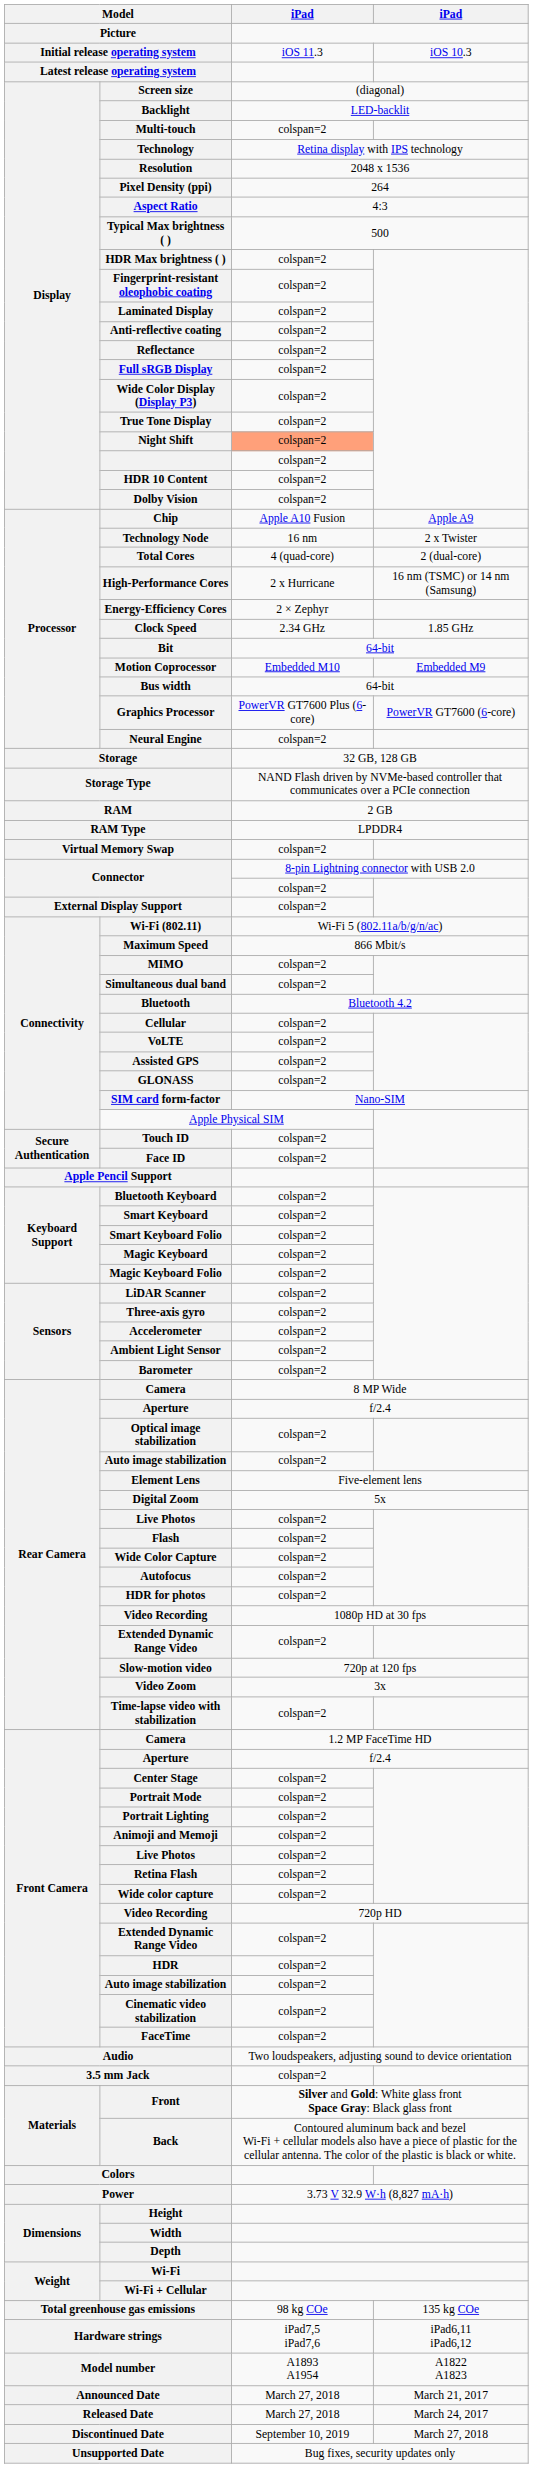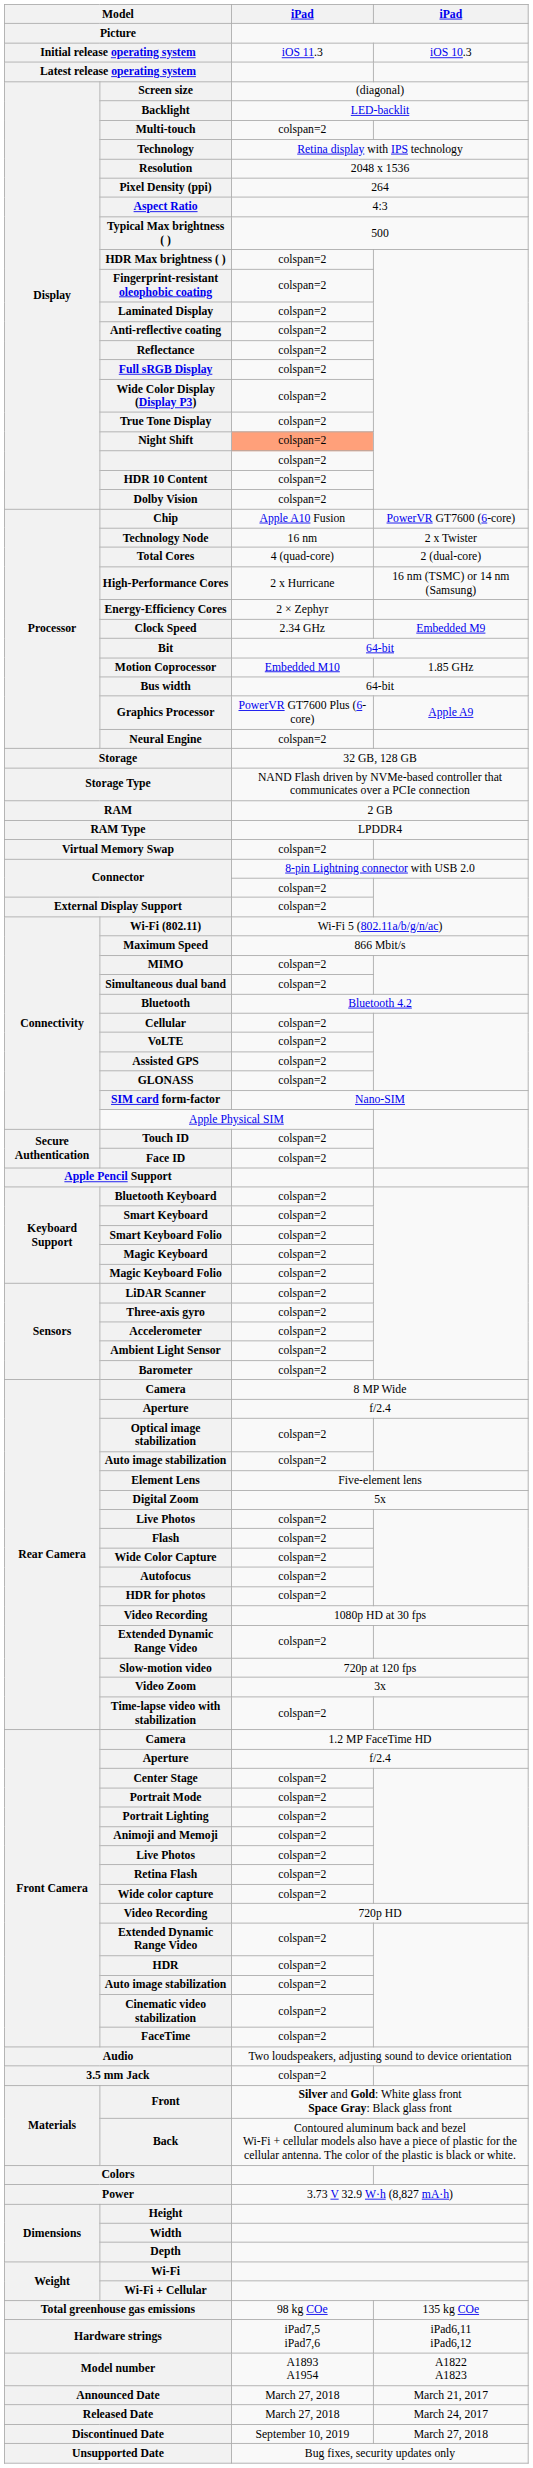 <table class="wikitable collapsible" style="text-align:center; font-size: 85%">
 <tr>
 <th scope="colgroup" colspan=2>Model</th>
 <th scope="col"><a href='#'>iPad<br></a></th>
 <th scope="col"><a href='#'>iPad<br></a></th>
 </tr>
 <tr>
 <th scope="row" colspan=2 >Picture</th>
 <td colspan=2></td>
 </tr>
 <tr>
 <th scope="row" colspan=2 >Initial release <a href='#'>operating system</a></th>
 <td><a href='#'>iOS 11</a>.3</td>
 <td><a href='#'>iOS 10</a>.3</td>
 </tr>
 <tr>
 <th scope="row" colspan=2 >Latest release <a href='#'>operating system</a></th>
 <td colspan=1></td>
 <td colspan=1></td>
 </tr>
 <tr>
 <th scope="rowgroup" rowspan=20 >Display</th>
 <th scope="row" >Screen size</th>
 <td colspan=2> (diagonal)</td>
 </tr>
 <tr>
 <th scope="row" >Backlight</th>
 <td colspan=2><a href='#'>LED-backlit</a></td>
 </tr>
 <tr>
 <th scope="row" >Multi-touch</th>
 <td>colspan=2 </td>
 </tr>
 <tr>
 <th scope="row" >Technology</th>
 <td colspan=2><a href='#'>Retina display</a> with <a href='#'>IPS</a> technology</td>
 </tr>
 <tr>
 <th scope="row" >Resolution</th>
 <td colspan=2>2048 x 1536</td>
 </tr>
 <tr>
 <th scope="row" >Pixel Density (ppi)</th>
 <td colspan=2>264</td>
 </tr>
 <tr>
 <th scope="row" ><a href='#'>Aspect Ratio</a></th>
 <td colspan=2>4:3</td>
 </tr>
 <tr>
 <th scope="row" >Typical Max brightness ( )</th>
 <td colspan=2>500</td>
 </tr>
 <tr>
 <th scope="row" >HDR Max brightness ( )</th>
 <td>colspan=2 </td>
 </tr>
 <tr>
 <th scope="row" >Fingerprint-resistant <a href='#'>oleophobic coating</a></th>
 <td>colspan=2 </td>
 </tr>
 <tr>
 <th scope="row" >Laminated Display</th>
 <td>colspan=2 </td>
 </tr>
 <tr>
 <th scope="row" >Anti-reflective coating</th>
 <td>colspan=2 </td>
 </tr>
 <tr>
 <th scope="row" >Reflectance</th>
 <td>colspan=2 </td>
 </tr>
 <tr>
 <th scope="row" ><a href='#'>Full sRGB Display</a></th>
 <td>colspan=2 </td>
 </tr>
 <tr>
 <th scope="row" >Wide Color Display (<a href='#'>Display P3</a>)</th>
 <td>colspan=2 </td>
 </tr>
 <tr>
 <th scope="row" >True Tone Display</th>
 <td>colspan=2 </td>
 </tr>
 <tr>
 <th scope="row" >Night Shift</th>
 <td style="background: lightsalmon;">colspan=2 </td>
 </tr>
 <tr>
 <th scope="row" ></th>
 <td>colspan=2 </td>
 </tr>
 <tr>
 <th scope="row" >HDR 10 Content</th>
 <td>colspan=2 </td>
 </tr>
 <tr>
 <th scope="row" >Dolby Vision</th>
 <td>colspan=2 </td>
 </tr>
 <tr>
 <th scope="rowgroup" rowspan=11 >Processor</th>
 <th scope="row" >Chip</th>
 <td><a href='#'>Apple A10</a> Fusion</td>
-<td><a href='#'>Apple A9</a></td>
+<td><a href='#'>PowerVR</a> GT7600 (<a href='#'>6</a>-core)</td>
 </tr>
 <tr>
 <th scope="row" >Technology Node</th>
 <td>16 nm</td>
 <td>2 x Twister</td>
 </tr>
 <tr>
 <th scope="row" >Total Cores</th>
 <td>4 (quad-core)</td>
 <td>2 (dual-core)</td>
 </tr>
 <tr>
 <th scope="row" >High-Performance Cores</th>
 <td>2 x Hurricane</td>
 <td>16 nm (TSMC) or 14 nm (Samsung)</td>
 </tr>
 <tr>
 <th scope="row" >Energy-Efficiency Cores</th>
 <td>2 × Zephyr</td>
 <td></td>
 </tr>
 <tr>
 <th scope="row" >Clock Speed</th>
 <td>2.34 GHz</td>
-<td>1.85 GHz</td>
+<td><a href='#'>Embedded M9</a></td>
 </tr>
 <tr>
 <th scope="row" >Bit</th>
 <td colspan=2><a href='#'>64-bit</a></td>
 </tr>
 <tr>
 <th scope="row" >Motion Coprocessor</th>
 <td><a href='#'>Embedded M10</a></td>
-<td><a href='#'>Embedded M9</a></td>
+<td>1.85 GHz</td>
 </tr>
 <tr>
 <th scope="row" >Bus width</th>
 <td colspan=2>64-bit</td>
 </tr>
 <tr>
 <th scope="row" >Graphics Processor</th>
 <td><a href='#'>PowerVR</a> GT7600 Plus (<a href='#'>6</a>-core)</td>
-<td><a href='#'>PowerVR</a> GT7600 (<a href='#'>6</a>-core)</td>
+<td><a href='#'>Apple A9</a></td>
 </tr>
 <tr>
 <th scope="row" >Neural Engine</th>
 <td>colspan=2 </td>
 </tr>
 <tr>
 <th scope="row" colspan=2 >Storage</th>
 <td colspan=2>32 GB, 128 GB</td>
 </tr>
 <tr>
 <th scope="row" colspan=2 >Storage Type</th>
 <td colspan=2>NAND Flash driven by NVMe-based controller that communicates over a PCIe connection</td>
 </tr>
 <tr>
 <th scope="row" colspan=2 >RAM</th>
 <td colspan=2>2 GB</td>
 </tr>
 <tr>
 <th scope="row" colspan=2 >RAM Type</th>
 <td colspan=2>LPDDR4</td>
 </tr>
 <tr>
 <th scope="row" colspan=2 >Virtual Memory Swap</th>
 <td>colspan=2 </td>
 </tr>
 <tr>
 <th scope="rowgroup" rowspan=2 colspan=2 >Connector</th>
 <td colspan=2><a href='#'>8-pin Lightning connector</a> with USB 2.0</td>
 </tr>
 <tr>
 <td>colspan=2 </td>
 </tr>
 <tr>
 <th scope="row" colspan=2 >External Display Support</th>
 <td>colspan=2 </td>
 </tr>
 <tr>
 <th scope="rowgroup" rowspan=11 >Connectivity</th>
 <th scope="row" >Wi-Fi (802.11)</th>
 <td colspan=2>Wi-Fi 5 (<a href='#'>802.11a/b/g/n/ac</a>)</td>
 </tr>
 <tr>
 <th scope="row" >Maximum Speed</th>
 <td colspan=2>866 Mbit/s</td>
 </tr>
 <tr>
 <th scope="row" >MIMO</th>
 <td>colspan=2 </td>
 </tr>
 <tr>
 <th scope="row" >Simultaneous dual band</th>
 <td>colspan=2 </td>
 </tr>
 <tr>
 <th scope="row" >Bluetooth</th>
 <td colspan=2><a href='#'>Bluetooth 4.2</a></td>
 </tr>
 <tr>
 <th scope="row" >Cellular</th>
 <td>colspan=2 </td>
 </tr>
 <tr>
 <th scope="row" >VoLTE</th>
 <td>colspan=2 </td>
 </tr>
 <tr>
 <th scope="row" >Assisted GPS</th>
 <td>colspan=2 </td>
 </tr>
 <tr>
 <th scope="row" >GLONASS</th>
 <td>colspan=2 </td>
 </tr>
 <tr>
 <th scope="rowgroup" ><a href='#'>SIM card</a> form-factor</th>
 <td colspan=2><a href='#'>Nano-SIM</a></td>
 </tr>
 <tr>
 <td colspan=2><a href='#'>Apple Physical SIM</a></td>
 </tr>
 <tr>
 <th scope="rowgroup" rowspan=2 >Secure Authentication</th>
 <th scope="row" >Touch ID</th>
 <td>colspan=2 </td>
 </tr>
 <tr>
 <th scope="row" >Face ID</th>
 <td>colspan=2 </td>
 </tr>
 <tr>
 <th scope="row" colspan=2 ><a href='#'>Apple Pencil</a> Support</th>
 <td></td>
 <td></td>
 </tr>
 <tr>
 <th scope="rowgroup" rowspan=5 >Keyboard Support</th>
 <th scope="row" >Bluetooth Keyboard</th>
 <td>colspan=2 </td>
 </tr>
 <tr>
 <th scope="row" >Smart Keyboard</th>
 <td>colspan=2 </td>
 </tr>
 <tr>
 <th scope="row" >Smart Keyboard Folio</th>
 <td>colspan=2 </td>
 </tr>
 <tr>
 <th scope="row" >Magic Keyboard</th>
 <td>colspan=2 </td>
 </tr>
 <tr>
 <th scope="row" >Magic Keyboard Folio</th>
 <td>colspan=2 </td>
 </tr>
 <tr>
 <th scope="rowgroup" rowspan=5 >Sensors</th>
 <th scope="row" >LiDAR Scanner</th>
 <td>colspan=2 </td>
 </tr>
 <tr>
 <th scope="row" >Three-axis gyro</th>
 <td>colspan=2 </td>
 </tr>
 <tr>
 <th scope="row" >Accelerometer</th>
 <td>colspan=2 </td>
 </tr>
 <tr>
 <th scope="row" >Ambient Light Sensor</th>
 <td>colspan=2 </td>
 </tr>
 <tr>
 <th scope="row" >Barometer</th>
 <td>colspan=2 </td>
 </tr>
 <tr>
 <th scope="rowgroup" rowspan=16 >Rear Camera</th>
 <th scope="row" >Camera</th>
 <td colspan=2>8 MP Wide</td>
 </tr>
 <tr>
 <th scope="row" >Aperture</th>
 <td colspan=2>f/2.4</td>
 </tr>
 <tr>
 <th scope="row" >Optical image stabilization</th>
 <td>colspan=2 </td>
 </tr>
 <tr>
 <th scope="row" >Auto image stabilization</th>
 <td>colspan=2 </td>
 </tr>
 <tr>
 <th scope="row" >Element Lens</th>
 <td colspan=2>Five-element lens</td>
 </tr>
 <tr>
 <th scope="row" >Digital Zoom</th>
 <td colspan=2>5x</td>
 </tr>
 <tr>
 <th scope="row" >Live Photos</th>
 <td>colspan=2 </td>
 </tr>
 <tr>
 <th scope="row" >Flash</th>
 <td>colspan=2 </td>
 </tr>
 <tr>
 <th scope="row" >Wide Color Capture</th>
 <td>colspan=2 </td>
 </tr>
 <tr>
 <th scope="row" >Autofocus</th>
 <td>colspan=2 </td>
 </tr>
 <tr>
 <th scope="row" >HDR for photos</th>
 <td>colspan=2 </td>
 </tr>
 <tr>
 <th scope="row" >Video Recording</th>
 <td colspan=2>1080p HD at 30 fps</td>
 </tr>
 <tr>
 <th scope="row" >Extended Dynamic Range Video</th>
 <td>colspan=2 </td>
 </tr>
 <tr>
 <th scope="row" >Slow-motion video</th>
 <td colspan=2>720p at 120 fps</td>
 </tr>
 <tr>
 <th scope="row" >Video Zoom</th>
 <td colspan=2>3x</td>
 </tr>
 <tr>
 <th scope="row" >Time-lapse video with stabilization</th>
 <td>colspan=2 </td>
 </tr>
 <tr>
 <th scope="rowgroup" rowspan=15 >Front Camera</th>
 <th scope="row" >Camera</th>
 <td colspan=2>1.2 MP FaceTime HD</td>
 </tr>
 <tr>
 <th scope="row" >Aperture</th>
 <td colspan=2>f/2.4</td>
 </tr>
 <tr>
 <th scope="row" >Center Stage</th>
 <td>colspan=2 </td>
 </tr>
 <tr>
 <th scope="row" >Portrait Mode</th>
 <td>colspan=2 </td>
 </tr>
 <tr>
 <th scope="row" >Portrait Lighting</th>
 <td>colspan=2 </td>
 </tr>
 <tr>
 <th scope="row" >Animoji and Memoji</th>
 <td>colspan=2 </td>
 </tr>
 <tr>
 <th scope="row" >Live Photos</th>
 <td>colspan=2 </td>
 </tr>
 <tr>
 <th scope="row" >Retina Flash</th>
 <td>colspan=2 </td>
 </tr>
 <tr>
 <th scope="row" >Wide color capture</th>
 <td>colspan=2 </td>
 </tr>
 <tr>
 <th scope="row" >Video Recording</th>
 <td colspan=2>720p HD</td>
 </tr>
 <tr>
 <th scope="row" >Extended Dynamic Range Video</th>
 <td>colspan=2 </td>
 </tr>
 <tr>
 <th scope="row" >HDR</th>
 <td>colspan=2 </td>
 </tr>
 <tr>
 <th scope="row" >Auto image stabilization</th>
 <td>colspan=2 </td>
 </tr>
 <tr>
 <th scope="row" >Cinematic video stabilization</th>
 <td>colspan=2 </td>
 </tr>
 <tr>
 <th scope="row" >FaceTime</th>
 <td>colspan=2 </td>
 </tr>
 <tr>
 <th scope="row" colspan=2 >Audio</th>
 <td colspan=2>Two loudspeakers, adjusting sound to device orientation</td>
 </tr>
 <tr>
 <th scope="row" colspan=2 >3.5 mm Jack</th>
 <td>colspan=2 </td>
 </tr>
 <tr>
 <th scope="rowgroup" rowspan=2 >Materials</th>
 <th scope="row" >Front</th>
 <td colspan=2><strong>Silver</strong> and <strong>Gold</strong>: White glass front<br><strong>Space Gray</strong>: Black glass front</td>
 </tr>
 <tr>
 <th scope="row" >Back</th>
 <td colspan=2>Contoured aluminum back and bezel<br>Wi-Fi + cellular models also have a piece of plastic for the cellular antenna. The color of the plastic is black or white.</td>
 </tr>
 <tr>
 <th scope="row" colspan=2 >Colors</th>
 <td><span></span> <span></span> <span></span></td>
 <td><span></span> <span></span> <span></span></td>
 </tr>
 <tr>
 <th scope="row" colspan=2 >Power</th>
 <td colspan=2>3.73 <a href='#'>V</a> 32.9 <a href='#'>W·h</a> (8,827 <a href='#'>mA·h</a>)</td>
 </tr>
 <tr>
 <th scope="rowgroup" rowspan=3 >Dimensions</th>
 <th scope="row" >Height</th>
 <td colspan=2></td>
 </tr>
 <tr>
 <th scope="row" >Width</th>
 <td colspan=2></td>
 </tr>
 <tr>
 <th scope="row" >Depth</th>
 <td colspan=2></td>
 </tr>
 <tr>
 <th scope="rowgroup" rowspan=2 >Weight</th>
 <th scope="row" >Wi-Fi</th>
 <td colspan=2></td>
 </tr>
 <tr>
 <th scope="row" >Wi-Fi + Cellular</th>
 <td colspan=2></td>
 </tr>
 <tr>
 <th scope="row" colspan=2 >Total greenhouse gas emissions</th>
 <td>98 kg <a href='#'>COe</a></td>
 <td>135 kg <a href='#'>COe</a></td>
 </tr>
 <tr>
 <th scope="row" colspan=2 >Hardware strings</th>
 <td>iPad7,5<br>iPad7,6</td>
 <td>iPad6,11<br>iPad6,12</td>
 </tr>
 <tr>
 <th scope="row" colspan=2 >Model number</th>
 <td>A1893<br>A1954</td>
 <td>A1822<br>A1823</td>
 </tr>
 <tr>
 <th scope="row" colspan=2 >Announced Date</th>
 <td>March 27, 2018</td>
 <td>March 21, 2017</td>
 </tr>
 <tr>
 <th scope="row" colspan=2 >Released Date</th>
 <td>March 27, 2018</td>
 <td>March 24, 2017</td>
 </tr>
 <tr>
 <th scope="row" colspan=2 >Discontinued Date</th>
 <td>September 10, 2019</td>
 <td>March 27, 2018</td>
 </tr>
 <tr>
 <th scope="row" colspan=2 >Unsupported Date</th>
 <td colspan=2>Bug fixes, security updates only</td>
 </tr>
 </table>
